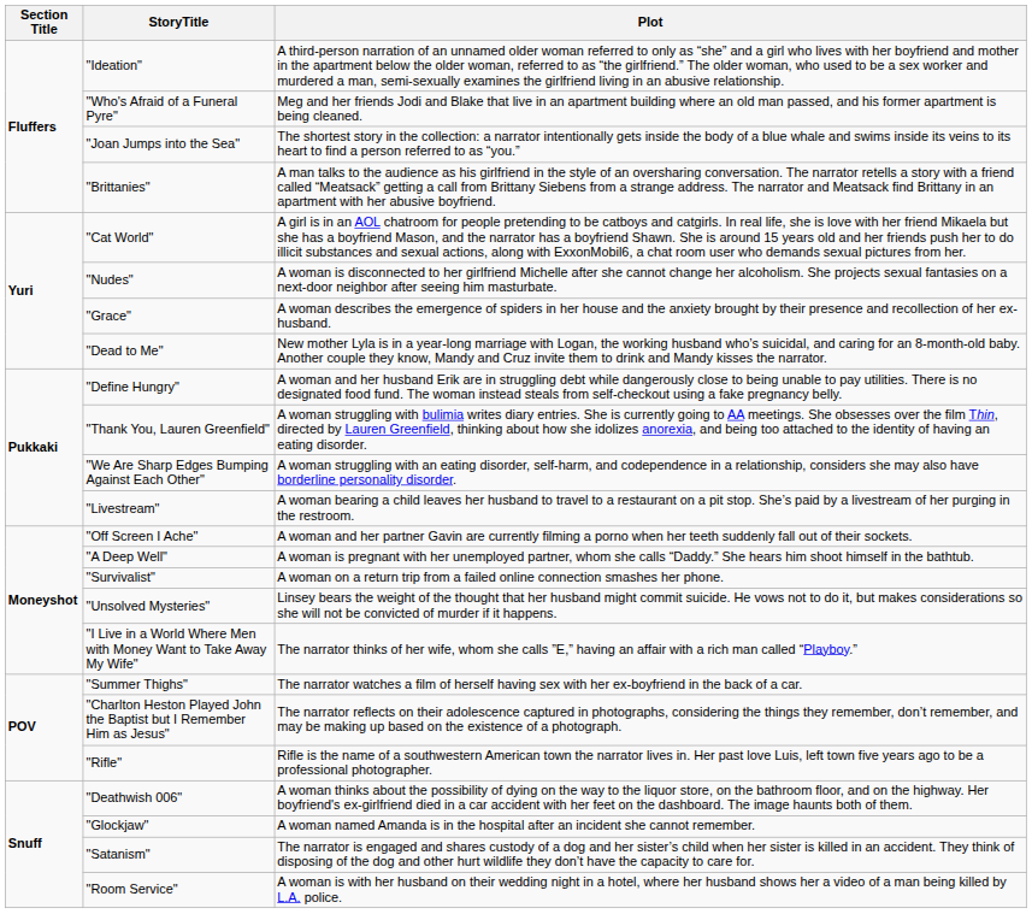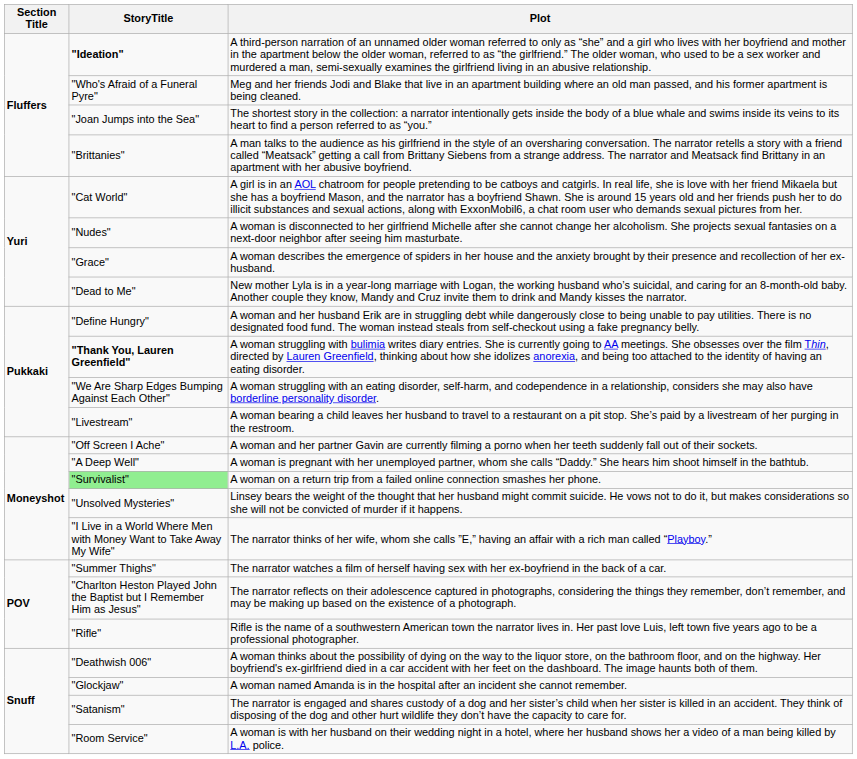 <table class="wikitable">
 <tr>
 <th>Section Title</th>
 <th>StoryTitle</th>
 <th>Plot</th>
 </tr>
 <tr>
 <td rowspan="4"><strong>Fluffers</strong></td>
-<td>"Ideation"</td>
+<td><strong>"Ideation"</strong></td>
 <td>A third-person narration of an unnamed older woman referred to only as “she” and a girl who lives with her boyfriend and mother in the apartment below the older woman, referred to as “the girlfriend.” The older woman, who used to be a sex worker and murdered a man, semi-sexually examines the girlfriend living in an abusive relationship.</td>
 </tr>
 <tr>
 <td>"Who's Afraid of a Funeral Pyre"</td>
 <td>Meg and her friends Jodi and Blake that live in an apartment building where an old man passed, and his former apartment is being cleaned.</td>
 </tr>
 <tr>
 <td>"Joan Jumps into the Sea"</td>
 <td>The shortest story in the collection: a narrator intentionally gets inside the body of a blue whale and swims inside its veins to its heart to find a person referred to as “you.”</td>
 </tr>
 <tr>
 <td>"Brittanies"</td>
 <td>A man talks to the audience as his girlfriend in the style of an oversharing conversation. The narrator retells a story with a friend called “Meatsack” getting a call from Brittany Siebens from a strange address. The narrator and Meatsack find Brittany in an apartment with her abusive boyfriend.</td>
 </tr>
 <tr>
 <td rowspan="4"><strong>Yuri</strong></td>
 <td>"Cat World"</td>
 <td>A girl is in an <a href='#'>AOL</a> chatroom for people pretending to be catboys and catgirls. In real life, she is love with her friend Mikaela but she has a boyfriend Mason, and the narrator has a boyfriend Shawn. She is around 15 years old and her friends push her to do illicit substances and sexual actions, along with ExxonMobil6, a chat room user who demands sexual pictures from her.</td>
 </tr>
 <tr>
 <td>"Nudes"</td>
 <td>A woman is disconnected to her girlfriend Michelle after she cannot change her alcoholism. She projects sexual fantasies on a next-door neighbor after seeing him masturbate.</td>
 </tr>
 <tr>
 <td>"Grace"</td>
 <td>A woman describes the emergence of spiders in her house and the anxiety brought by their presence and recollection of her ex-husband.</td>
 </tr>
 <tr>
 <td>"Dead to Me"</td>
 <td>New mother Lyla is in a year-long marriage with Logan, the working husband who’s suicidal, and caring for an 8-month-old baby. Another couple they know, Mandy and Cruz invite them to drink and Mandy kisses the narrator.</td>
 </tr>
 <tr>
 <td rowspan="4"><strong>Pukkaki</strong></td>
 <td>"Define Hungry"</td>
 <td>A woman and her husband Erik are in struggling debt while dangerously close to being unable to pay utilities. There is no designated food fund. The woman instead steals from self-checkout using a fake pregnancy belly.</td>
 </tr>
 <tr>
-<td>"Thank You, Lauren Greenfield"</td>
+<td><strong>"Thank You, Lauren Greenfield"</strong></td>
 <td>A woman struggling with <a href='#'>bulimia</a> writes diary entries. She is currently going to <a href='#'>AA</a> meetings. She obsesses over the film <a href='#'>T<em>hin</em></a>, directed by <a href='#'>Lauren Greenfield</a>, thinking about how she idolizes <a href='#'>anorexia</a>, and being too attached to the identity of having an eating disorder.</td>
 </tr>
 <tr>
 <td>"We Are Sharp Edges Bumping Against Each Other"</td>
 <td>A woman struggling with an eating disorder, self-harm, and codependence in a relationship, considers she may also have <a href='#'>borderline personality disorder</a>.</td>
 </tr>
 <tr>
 <td>"Livestream"</td>
 <td>A woman bearing a child leaves her husband to travel to a restaurant on a pit stop. She’s paid by a livestream of her purging in the restroom.</td>
 </tr>
 <tr>
 <td rowspan="5"><strong>Moneyshot</strong></td>
 <td>"Off Screen I Ache"</td>
 <td>A woman and her partner Gavin are currently filming a porno when her teeth suddenly fall out of their sockets.</td>
 </tr>
 <tr>
 <td>"A Deep Well"</td>
 <td>A woman is pregnant with her unemployed partner, whom she calls “Daddy.” She hears him shoot himself in the bathtub.</td>
 </tr>
 <tr>
-<td>"Survivalist"</td>
+<td style="background: lightgreen;">"Survivalist"</td>
 <td>A woman on a return trip from a failed online connection smashes her phone.</td>
 </tr>
 <tr>
 <td>"Unsolved Mysteries"</td>
 <td>Linsey bears the weight of the thought that her husband might commit suicide. He vows not to do it, but makes considerations so she will not be convicted of murder if it happens.</td>
 </tr>
 <tr>
 <td>"I Live in a World Where Men with Money Want to Take Away My Wife"</td>
 <td>The narrator thinks of her wife, whom she calls ”E,” having an affair with a rich man called “<a href='#'>Playboy</a>.”</td>
 </tr>
 <tr>
 <td rowspan="3"><strong>POV</strong></td>
 <td>"Summer Thighs"</td>
 <td>The narrator watches a film of herself having sex with her ex-boyfriend in the back of a car.</td>
 </tr>
 <tr>
 <td>"Charlton Heston Played John the Baptist but I Remember Him as Jesus"</td>
 <td>The narrator reflects on their adolescence captured in photographs, considering the things they remember, don’t remember, and may be making up based on the existence of a photograph.</td>
 </tr>
 <tr>
 <td>"Rifle"</td>
 <td>Rifle is the name of a southwestern American town the narrator lives in. Her past love Luis, left town five years ago to be a professional photographer.</td>
 </tr>
 <tr>
 <td rowspan="4"><strong>Snuff</strong></td>
 <td>"Deathwish 006"</td>
 <td>A woman thinks about the possibility of dying on the way to the liquor store, on the bathroom floor, and on the highway. Her boyfriend's ex-girlfriend died in a car accident with her feet on the dashboard. The image haunts both of them.</td>
 </tr>
 <tr>
 <td>"Glockjaw"</td>
 <td>A woman named Amanda is in the hospital after an incident she cannot remember.</td>
 </tr>
 <tr>
 <td>"Satanism"</td>
 <td>The narrator is engaged and shares custody of a dog and her sister’s child when her sister is killed in an accident. They think of disposing of the dog and other hurt wildlife they don’t have the capacity to care for.</td>
 </tr>
 <tr>
 <td>"Room Service"</td>
 <td>A woman is with her husband on their wedding night in a hotel, where her husband shows her a video of a man being killed by <a href='#'>L.A.</a> police.</td>
 </tr>
 </table>
